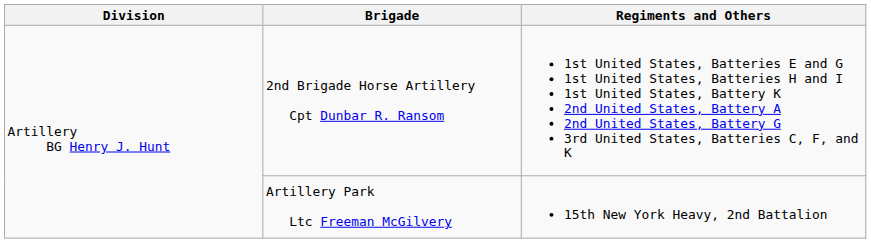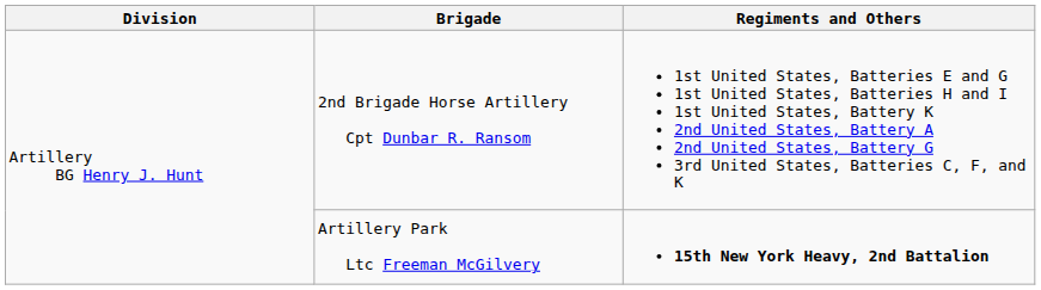 <table class="wikitable">
 <tr>
 <th width=30%>Division</th>
 <th width=30%>Brigade</th>
 <th>Regiments and Others</th>
 </tr>
 <tr>
 <td rowspan=2><br>Artillery <br>     BG <a href='#'>Henry J. Hunt</a></td>
 <td>2nd Brigade Horse Artillery<br><br>   Cpt <a href='#'>Dunbar R. Ransom</a></td>
 <td><br><ul><li>1st United States, Batteries E and G</li><li>1st United States, Batteries H and I</li><li>1st United States, Battery K</li><li><a href='#'>2nd United States, Battery A</a></li><li><a href='#'>2nd United States, Battery G</a></li><li>3rd United States, Batteries C, F, and K</li></ul></td>
 </tr>
 <tr>
 <td>Artillery Park<br><br>   Ltc <a href='#'>Freeman McGilvery</a></td>
-<td><br><ul><li>15th New York Heavy, 2nd Battalion</li></ul></td>
+<td><strong><br><ul><li>15th New York Heavy, 2nd Battalion</li></ul></strong></td>
 </tr>
 </table>
